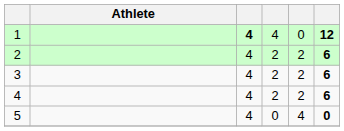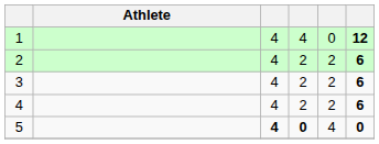 <table class="wikitable" style="text-align: center; font-size:100% ">
 <tr>
 <th width=25></th>
 <th width=250>Athlete</th>
 <th width=25></th>
 <th width=25></th>
 <th width=25></th>
 <th width=25></th>
 </tr>
 <tr bgcolor="ccffcc">
 <td>1</td>
 <td align=left></td>
-<td><strong>4</strong></td>
+<td>4</td>
 <td>4</td>
 <td>0</td>
 <td><strong>12</strong></td>
 </tr>
 <tr bgcolor="ccffcc">
 <td>2</td>
 <td align=left></td>
 <td>4</td>
 <td>2</td>
 <td>2</td>
 <td><strong>6</strong></td>
 </tr>
 <tr>
 <td>3</td>
 <td align=left></td>
 <td>4</td>
 <td>2</td>
 <td>2</td>
 <td><strong>6</strong></td>
 </tr>
 <tr>
 <td>4</td>
 <td align=left></td>
 <td>4</td>
 <td>2</td>
 <td>2</td>
 <td><strong>6</strong></td>
 </tr>
 <tr>
 <td>5</td>
 <td align=left></td>
-<td>4</td>
-<td>0</td>
+<td><strong>4</strong></td>
+<td><strong>0</strong></td>
 <td>4</td>
 <td><strong>0</strong></td>
 </tr>
 <tr>
 </tr>
 </table>
